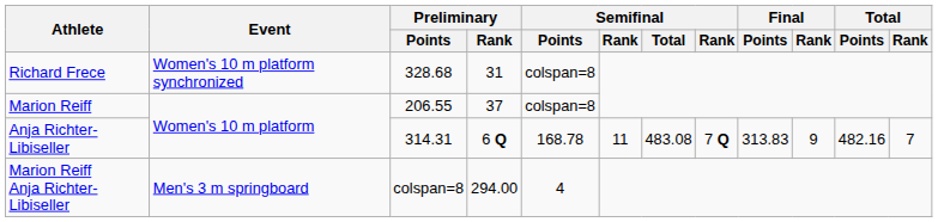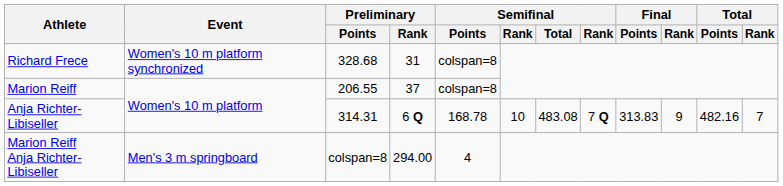 <table class=wikitable style=font-size:90%;text-align:center>
 <tr>
 <th rowspan=2>Athlete</th>
 <th rowspan=2>Event</th>
 <th colspan=2>Preliminary</th>
 <th colspan=4>Semifinal</th>
 <th colspan=2>Final</th>
 <th colspan=2>Total</th>
 </tr>
 <tr style=font-size:95%>
 <th>Points</th>
 <th>Rank</th>
 <th>Points</th>
 <th>Rank</th>
 <th>Total</th>
 <th>Rank</th>
 <th>Points</th>
 <th>Rank</th>
 <th>Points</th>
 <th>Rank</th>
 </tr>
 <tr>
 <td align=left><a href='#'>Richard Frece</a></td>
 <td align=left><a href='#'>Women's 10 m platform synchronized</a></td>
 <td>328.68</td>
 <td>31</td>
 <td>colspan=8 </td>
 </tr>
 <tr>
 <td align=left><a href='#'>Marion Reiff</a></td>
 <td align=left rowspan=2><a href='#'>Women's 10 m platform</a></td>
 <td>206.55</td>
 <td>37</td>
 <td>colspan=8 </td>
 </tr>
 <tr>
 <td align=left><a href='#'>Anja Richter-Libiseller</a></td>
 <td>314.31</td>
 <td>6 <strong>Q</strong></td>
 <td>168.78</td>
-<td>11</td>
+<td>10</td>
 <td>483.08</td>
 <td>7 <strong>Q</strong></td>
 <td>313.83</td>
 <td>9</td>
 <td>482.16</td>
 <td>7</td>
 </tr>
 <tr>
 <td align=left><a href='#'>Marion Reiff</a><br><a href='#'>Anja Richter-Libiseller</a></td>
 <td align=left><a href='#'>Men's 3 m springboard</a></td>
 <td>colspan=8 </td>
 <td>294.00</td>
 <td>4</td>
 </tr>
 </table>
